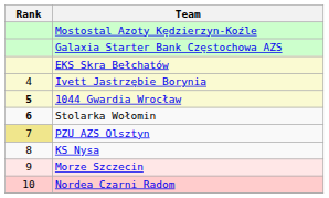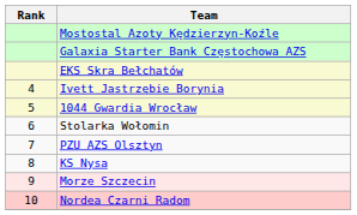 <table class="wikitable" style="white-space: nowrap; width:25%;">
 <tr>
 <th width=15%>Rank</th>
 <th>Team</th>
 </tr>
 <tr bgcolor=#CCFFCC>
 <td style="text-align:center;"></td>
 <td><a href='#'>Mostostal Azoty Kędzierzyn-Koźle</a></td>
 </tr>
 <tr bgcolor=#CCFFCC>
 <td style="text-align:center;"></td>
 <td><a href='#'>Galaxia Starter Bank Częstochowa AZS</a></td>
 </tr>
 <tr bgcolor=#FAFAD2>
 <td style="text-align:center;"></td>
 <td><a href='#'>EKS Skra Bełchatów</a></td>
 </tr>
 <tr bgcolor=#FAFAD2>
 <td style="text-align:center;">4</td>
 <td><a href='#'>Ivett Jastrzębie Borynia</a></td>
 </tr>
 <tr bgcolor=#FAFAD2>
-<td style="text-align:center;"><strong>5</strong></td>
+<td style="text-align:center;">5</td>
 <td><a href='#'>1044 Gwardia Wrocław</a></td>
 </tr>
 <tr>
-<td style="text-align:center;"><strong>6</strong></td>
+<td style="text-align:center;">6</td>
 <td>Stolarka Wołomin</td>
 </tr>
 <tr>
-<td style="background: khaki; text-align:center;">7</td>
+<td style="text-align:center;">7</td>
 <td><a href='#'>PZU AZS Olsztyn</a></td>
 </tr>
 <tr>
 <td style="text-align:center;">8</td>
 <td><a href='#'>KS Nysa</a></td>
 </tr>
 <tr bgcolor=#FFE7E7>
 <td style="text-align:center;">9</td>
 <td><a href='#'>Morze Szczecin</a></td>
 </tr>
 <tr bgcolor=#FFCCCC>
 <td style="text-align:center;">10</td>
 <td><a href='#'>Nordea Czarni Radom</a></td>
 </tr>
 <tr>
 </tr>
 </table>
